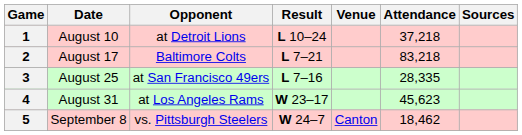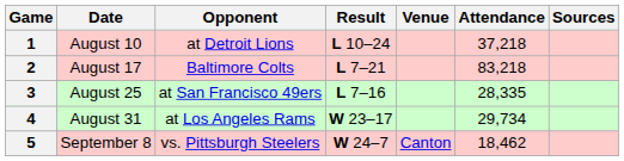 <table class="wikitable" style="text-align:center">
 <tr>
 <th>Game</th>
 <th>Date</th>
 <th>Opponent</th>
 <th>Result</th>
 <th>Venue</th>
 <th>Attendance</th>
 <th>Sources</th>
 </tr>
 <tr style="background:#fcc">
 <th>1</th>
 <td>August 10</td>
 <td>at <a href='#'>Detroit Lions</a></td>
 <td><strong>L</strong> 10–24</td>
 <td></td>
 <td>37,218</td>
 <td></td>
 </tr>
 <tr style="background:#fcc">
 <th>2</th>
 <td>August 17</td>
 <td><a href='#'>Baltimore Colts</a></td>
 <td><strong>L</strong> 7–21</td>
 <td></td>
 <td>83,218</td>
 <td></td>
 </tr>
 <tr style="background:#cfc">
 <th>3</th>
 <td>August 25</td>
 <td>at <a href='#'>San Francisco 49ers</a></td>
 <td><strong>L</strong> 7–16</td>
 <td></td>
 <td>28,335</td>
 <td></td>
 </tr>
 <tr style="background:#cfc">
 <th>4</th>
 <td>August 31</td>
 <td>at <a href='#'>Los Angeles Rams</a></td>
 <td><strong>W</strong> 23–17</td>
 <td></td>
-<td>45,623</td>
+<td>29,734</td>
 <td></td>
 </tr>
 <tr style="background:#fcc">
 <th>5</th>
 <td>September 8</td>
 <td>vs. <a href='#'>Pittsburgh Steelers</a></td>
 <td><strong>W</strong> 24–7</td>
 <td><a href='#'>Canton</a></td>
 <td>18,462</td>
 <td></td>
 </tr>
 </table>
